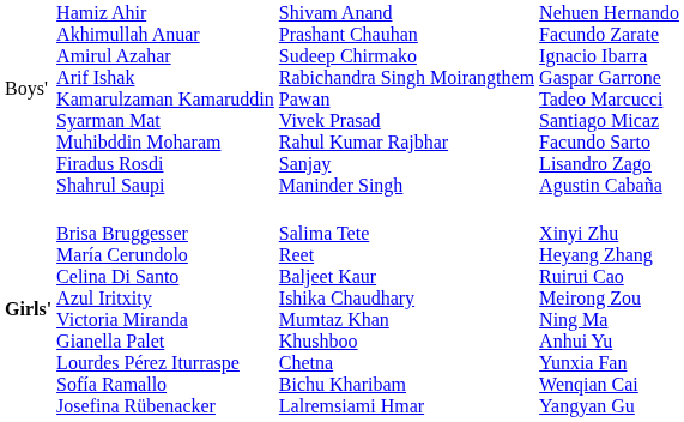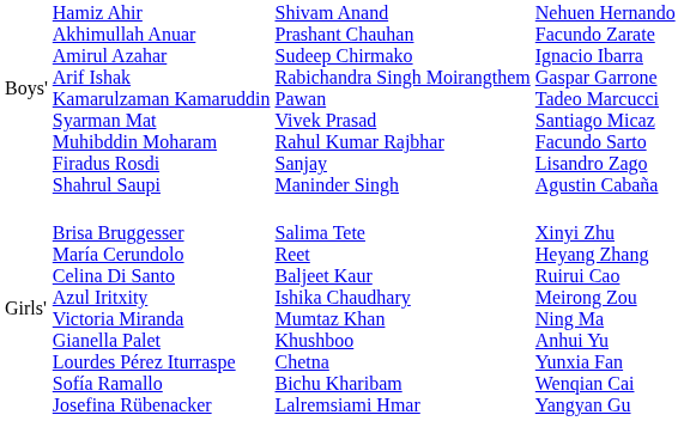 <table>
 <tr>
 <td>Boys' <br></td>
 <td><br><a href='#'>Hamiz Ahir</a><br><a href='#'>Akhimullah Anuar</a><br><a href='#'>Amirul Azahar</a><br><a href='#'>Arif Ishak</a><br><a href='#'>Kamarulzaman Kamaruddin</a><br><a href='#'>Syarman Mat</a><br><a href='#'>Muhibddin Moharam</a><br><a href='#'>Firadus Rosdi</a><br><a href='#'>Shahrul Saupi</a></td>
 <td><br><a href='#'>Shivam Anand</a><br><a href='#'>Prashant Chauhan</a><br><a href='#'>Sudeep Chirmako</a><br><a href='#'>Rabichandra Singh Moirangthem</a><br><a href='#'>Pawan</a><br><a href='#'>Vivek Prasad</a><br><a href='#'>Rahul Kumar Rajbhar</a><br><a href='#'>Sanjay</a><br><a href='#'>Maninder Singh</a></td>
 <td><br><a href='#'>Nehuen Hernando</a><br><a href='#'>Facundo Zarate</a><br><a href='#'>Ignacio Ibarra</a><br><a href='#'>Gaspar Garrone</a><br><a href='#'>Tadeo Marcucci</a><br><a href='#'>Santiago Micaz</a><br><a href='#'>Facundo Sarto</a><br><a href='#'>Lisandro Zago</a><br><a href='#'>Agustin Cabaña</a></td>
 </tr>
 <tr>
-<td><strong>Girls' <br></strong></td>
+<td>Girls' <br></td>
 <td><br><a href='#'>Brisa Bruggesser</a><br><a href='#'>María Cerundolo</a><br><a href='#'>Celina Di Santo</a><br><a href='#'>Azul Iritxity</a><br><a href='#'>Victoria Miranda</a><br><a href='#'>Gianella Palet</a><br><a href='#'>Lourdes Pérez Iturraspe</a><br><a href='#'>Sofía Ramallo</a><br><a href='#'>Josefina Rübenacker</a></td>
 <td><br><a href='#'>Salima Tete</a><br> <a href='#'>Reet</a><br> <a href='#'>Baljeet Kaur</a><br> <a href='#'>Ishika Chaudhary</a><br> <a href='#'>Mumtaz Khan</a><br> <a href='#'>Khushboo</a><br> <a href='#'>Chetna</a><br> <a href='#'>Bichu Kharibam</a><br> <a href='#'>Lalremsiami Hmar</a></td>
 <td><br><a href='#'>Xinyi Zhu</a><br><a href='#'>Heyang Zhang</a><br><a href='#'>Ruirui Cao</a><br><a href='#'>Meirong Zou</a><br><a href='#'>Ning Ma</a><br><a href='#'>Anhui Yu</a><br><a href='#'>Yunxia Fan</a><br><a href='#'>Wenqian Cai</a><br><a href='#'>Yangyan Gu</a></td>
 </tr>
 </table>
